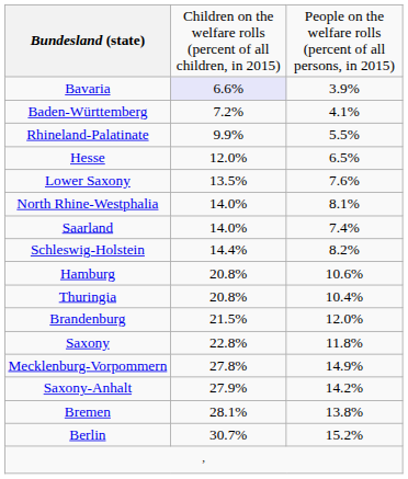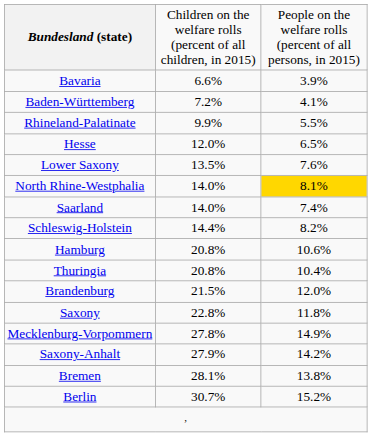 <table class="wikitable float-right sortable" style="text-align:center;">
 <tr>
 <th class="hintergrundfarbe6"><em>Bundesland</em> (state)</th>
 <td class="hintergrundfarbe6" width="120">Children on the welfare rolls (percent of all children, in 2015)</td>
 <td class="hintergrundfarbe6" width="120">People on the welfare rolls (percent of all persons, in 2015)</td>
 </tr>
 <tr>
 <td><a href='#'>Bavaria</a></td>
-<td style="background: lavender;">6.6%</td>
+<td>6.6%</td>
 <td>3.9%</td>
 </tr>
 <tr>
 <td><a href='#'>Baden-Württemberg</a></td>
 <td>7.2%</td>
 <td>4.1%</td>
 </tr>
 <tr>
 <td><a href='#'>Rhineland-Palatinate</a></td>
 <td>9.9%</td>
 <td>5.5%</td>
 </tr>
 <tr>
 <td><a href='#'>Hesse</a></td>
 <td>12.0%</td>
 <td>6.5%</td>
 </tr>
 <tr>
 <td><a href='#'>Lower Saxony</a></td>
 <td>13.5%</td>
 <td>7.6%</td>
 </tr>
 <tr>
 <td><a href='#'>North Rhine-Westphalia</a></td>
 <td>14.0%</td>
-<td>8.1%</td>
+<td style="background: gold;">8.1%</td>
 </tr>
 <tr>
 <td><a href='#'>Saarland</a></td>
 <td>14.0%</td>
 <td>7.4%</td>
 </tr>
 <tr>
 <td><a href='#'>Schleswig-Holstein</a></td>
 <td>14.4%</td>
 <td>8.2%</td>
 </tr>
 <tr>
 <td><a href='#'>Hamburg</a></td>
 <td>20.8%</td>
 <td>10.6%</td>
 </tr>
 <tr>
 <td><a href='#'>Thuringia</a></td>
 <td>20.8%</td>
 <td>10.4%</td>
 </tr>
 <tr>
 <td><a href='#'>Brandenburg</a></td>
 <td>21.5%</td>
 <td>12.0%</td>
 </tr>
 <tr>
 <td><a href='#'>Saxony</a></td>
 <td>22.8%</td>
 <td>11.8%</td>
 </tr>
 <tr>
 <td><a href='#'>Mecklenburg-Vorpommern</a></td>
 <td>27.8%</td>
 <td>14.9%</td>
 </tr>
 <tr>
 <td><a href='#'>Saxony-Anhalt</a></td>
 <td>27.9%</td>
 <td>14.2%</td>
 </tr>
 <tr>
 <td><a href='#'>Bremen</a></td>
 <td>28.1%</td>
 <td>13.8%</td>
 </tr>
 <tr>
 <td><a href='#'>Berlin</a></td>
 <td>30.7%</td>
 <td>15.2%</td>
 </tr>
 <tr>
 <td align="center" class="hintergrundfarbe5" colspan="3"><sup>,</sup></td>
 </tr>
 </table>
